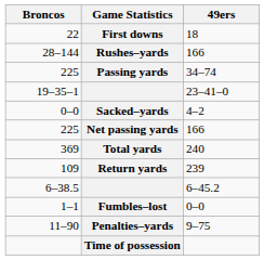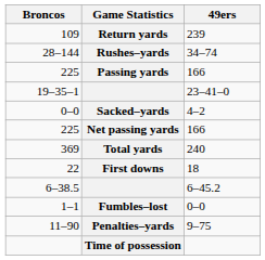 <table class="wikitable" style="margin: 1em auto 1em auto">
 <tr>
 <th style="width:30%;">Broncos</th>
 <th style="width:40%;">Game Statistics</th>
 <th style="width:30%;">49ers</th>
 </tr>
 <tr>
-<td style="text-align:right;">22</td>
-<th>First downs</th>
-<td>18</td>
+<td style="text-align:right;">109</td>
+<th>Return yards</th>
+<td>239</td>
 </tr>
 <tr>
 <td style="text-align:right;">28–144</td>
 <th>Rushes–yards</th>
-<td>166</td>
+<td>34–74</td>
 </tr>
 <tr>
 <td style="text-align:right;">225</td>
 <th>Passing yards</th>
-<td>34–74</td>
+<td>166</td>
 </tr>
 <tr>
 <td style="text-align:right;">19–35–1</td>
 <th></th>
 <td>23–41–0</td>
 </tr>
 <tr>
 <td style="text-align:right;">0–0</td>
 <th>Sacked–yards</th>
 <td>4–2</td>
 </tr>
 <tr>
 <td style="text-align:right;">225</td>
 <th>Net passing yards</th>
 <td>166</td>
 </tr>
 <tr>
 <td style="text-align:right;">369</td>
 <th>Total yards</th>
 <td>240</td>
 </tr>
 <tr>
-<td style="text-align:right;">109</td>
-<th>Return yards</th>
-<td>239</td>
+<td style="text-align:right;">22</td>
+<th>First downs</th>
+<td>18</td>
 </tr>
 <tr>
 <td style="text-align:right;">6–38.5</td>
 <th></th>
 <td>6–45.2</td>
 </tr>
 <tr>
 <td style="text-align:right;">1–1</td>
 <th>Fumbles–lost</th>
 <td>0–0</td>
 </tr>
 <tr>
 <td style="text-align:right;">11–90</td>
 <th>Penalties–yards</th>
 <td>9–75</td>
 </tr>
 <tr>
 <td style="text-align:right;"></td>
 <th>Time of possession</th>
 <td></td>
 </tr>
 </table>
